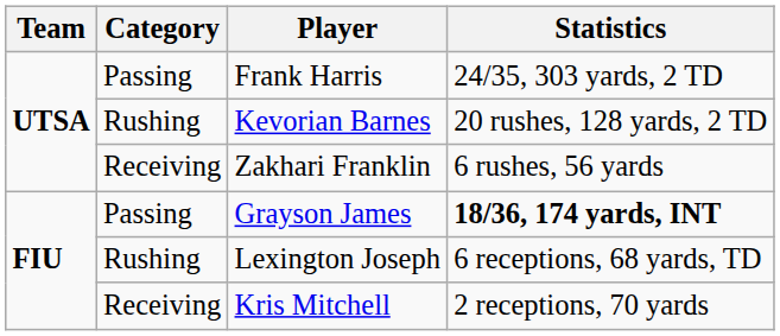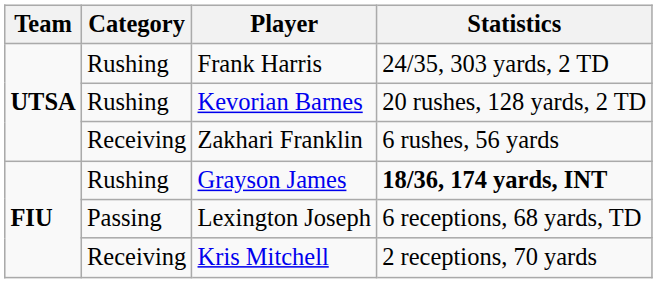 <table class="wikitable" style="float: left;">
 <tr>
 <th>Team</th>
 <th>Category</th>
 <th>Player</th>
 <th>Statistics</th>
 </tr>
 <tr>
 <td rowspan=3><strong>UTSA</strong></td>
-<td>Passing</td>
+<td>Rushing</td>
 <td>Frank Harris</td>
 <td>24/35, 303 yards, 2 TD</td>
 </tr>
 <tr>
 <td>Rushing</td>
 <td><a href='#'>Kevorian Barnes</a></td>
 <td>20 rushes, 128 yards, 2 TD</td>
 </tr>
 <tr>
 <td>Receiving</td>
 <td>Zakhari Franklin</td>
 <td>6 rushes, 56 yards</td>
 </tr>
 <tr>
 <td rowspan=3><strong>FIU</strong></td>
-<td>Passing</td>
+<td>Rushing</td>
 <td><a href='#'>Grayson James</a></td>
 <td><strong>18/36, 174 yards, INT</strong></td>
 </tr>
 <tr>
-<td>Rushing</td>
+<td>Passing</td>
 <td>Lexington Joseph</td>
 <td>6 receptions, 68 yards, TD</td>
 </tr>
 <tr>
 <td>Receiving</td>
 <td><a href='#'>Kris Mitchell</a></td>
 <td>2 receptions, 70 yards</td>
 </tr>
 </table>
